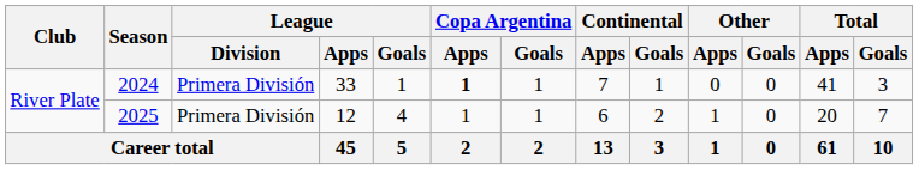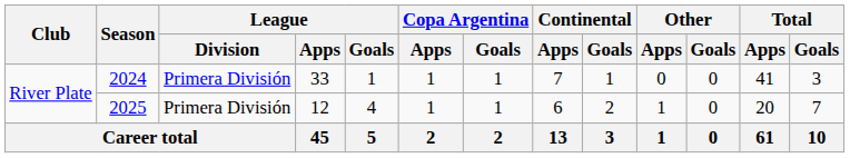 <table class=wikitable style=text-align:center>
 <tr>
 <th rowspan="2">Club</th>
 <th rowspan="2">Season</th>
 <th colspan="3">League</th>
 <th colspan="2"><a href='#'>Copa Argentina</a></th>
 <th colspan="2">Continental</th>
 <th colspan="2">Other</th>
 <th colspan="2">Total</th>
 </tr>
 <tr>
 <th>Division</th>
 <th>Apps</th>
 <th>Goals</th>
 <th>Apps</th>
 <th>Goals</th>
 <th>Apps</th>
 <th>Goals</th>
 <th>Apps</th>
 <th>Goals</th>
 <th>Apps</th>
 <th>Goals</th>
 </tr>
 <tr>
 <td rowspan="2"><a href='#'>River Plate</a></td>
 <td><a href='#'>2024</a></td>
 <td><a href='#'>Primera División</a></td>
 <td>33</td>
 <td>1</td>
-<td><strong>1</strong></td>
+<td>1</td>
 <td>1</td>
 <td>7</td>
 <td>1</td>
 <td>0</td>
 <td>0</td>
 <td>41</td>
 <td>3</td>
 </tr>
 <tr>
 <td><a href='#'>2025</a></td>
 <td>Primera División</td>
 <td>12</td>
 <td>4</td>
 <td>1</td>
 <td>1</td>
 <td>6</td>
 <td>2</td>
 <td>1</td>
 <td>0</td>
 <td>20</td>
 <td>7</td>
 </tr>
 <tr>
 <th colspan="3">Career total</th>
 <th>45</th>
 <th>5</th>
 <th>2</th>
 <th>2</th>
 <th>13</th>
 <th>3</th>
 <th>1</th>
 <th>0</th>
 <th>61</th>
 <th>10</th>
 </tr>
 </table>
